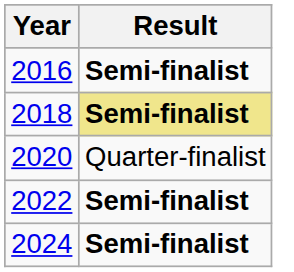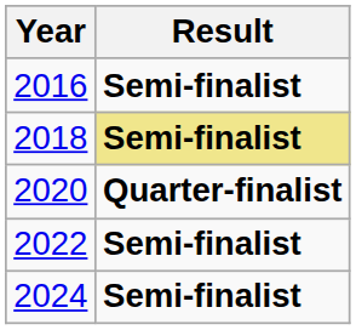 <table class="wikitable">
 <tr>
 <th>Year</th>
 <th>Result</th>
 </tr>
 <tr>
 <td><a href='#'>2016</a></td>
 <td><strong> Semi-finalist</strong></td>
 </tr>
 <tr>
 <td><a href='#'>2018</a></td>
 <td style="background: khaki;"><strong> Semi-finalist</strong></td>
 </tr>
 <tr>
 <td><a href='#'>2020</a></td>
-<td>Quarter-finalist</td>
+<td><strong>Quarter-finalist</strong></td>
 </tr>
 <tr>
 <td><a href='#'>2022</a></td>
 <td><strong> Semi-finalist</strong></td>
 </tr>
 <tr>
 <td><a href='#'>2024</a></td>
 <td><strong> Semi-finalist</strong></td>
 </tr>
 </table>
